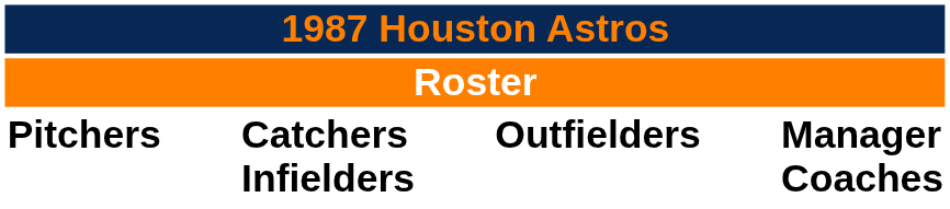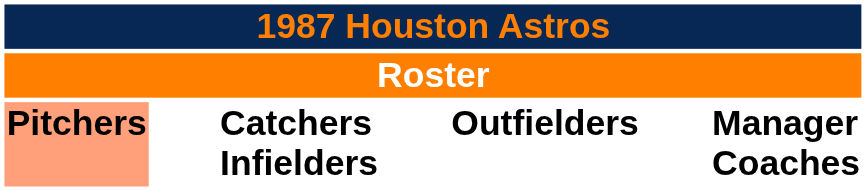 <table class="toccolours" style="text-align: left;">
 <tr>
 <th colspan="10" style="background-color: #072854; color: #FF7F00; text-align: center;">1987 Houston Astros</th>
 </tr>
 <tr>
 <td colspan="10" style="background-color: #FF7F00; color: white; text-align: center;"><strong>Roster</strong></td>
 </tr>
 <tr>
-<td valign="top"><strong>Pitchers</strong><br>                </td>
+<td valign="top" style="background: lightsalmon;"><strong>Pitchers</strong><br>                </td>
 <td width="25px"></td>
 <td valign="top"><strong>Catchers</strong><br>     <strong>Infielders</strong>            </td>
 <td width="25px"></td>
 <td valign="top"><strong>Outfielders</strong><br>        </td>
 <td width="25px"></td>
 <td valign="top"><strong>Manager</strong><br> <strong>Coaches</strong>     </td>
 </tr>
 </table>
